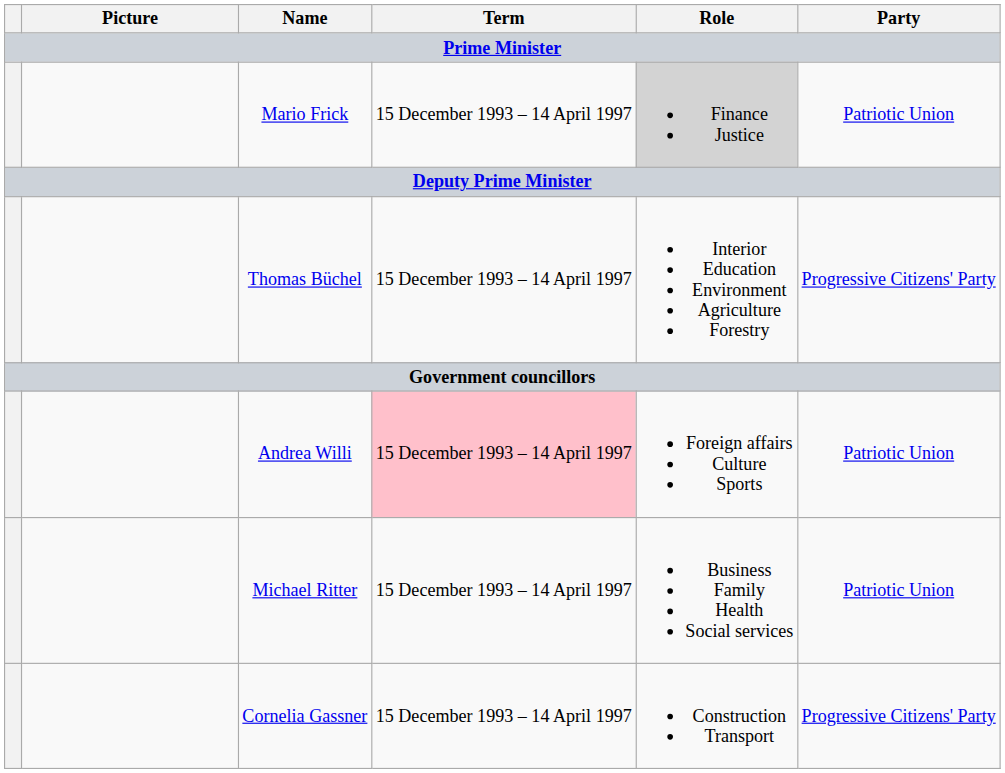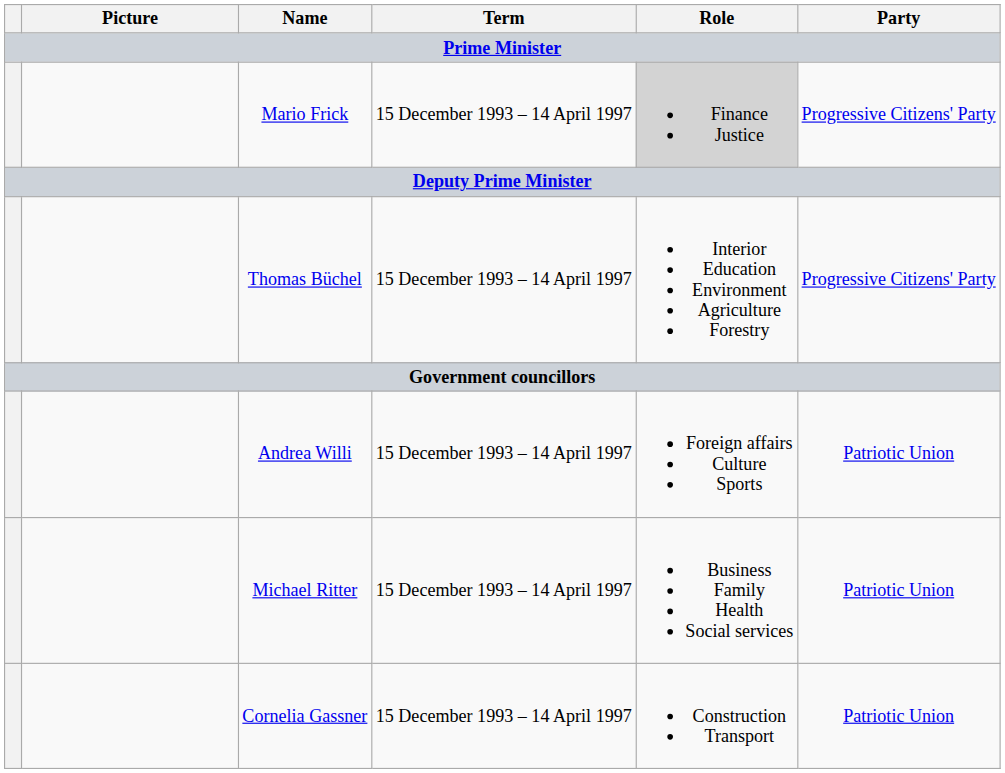 <table class="wikitable" style="text-align:center">
 <tr>
 <th style="width: 0.5em"></th>
 <th style="width: 11.5em">Picture</th>
 <th>Name</th>
 <th>Term</th>
 <th>Role</th>
 <th>Party</th>
 </tr>
 <tr>
 <th colspan="7" style="background:#CCD2D9"><a href='#'>Prime Minister</a></th>
 </tr>
 <tr>
 <th style="background:"></th>
 <td></td>
 <td><a href='#'>Mario Frick</a></td>
 <td style="text-align:left">15 December 1993 – 14 April 1997</td>
 <td style="background: lightgrey;"><br><ul><li>Finance</li><li>Justice</li></ul></td>
-<td><a href='#'>Patriotic Union</a></td>
+<td><a href='#'>Progressive Citizens' Party</a></td>
 </tr>
 <tr>
 <th colspan="7" style="background:#CCD2D9"><a href='#'>Deputy Prime Minister</a></th>
 </tr>
 <tr>
 <th style="background:"></th>
 <td></td>
 <td><a href='#'>Thomas Büchel</a></td>
 <td style="text-align:left">15 December 1993 – 14 April 1997</td>
 <td><br><ul><li>Interior</li><li>Education</li><li>Environment</li><li>Agriculture</li><li>Forestry</li></ul></td>
 <td><a href='#'>Progressive Citizens' Party</a></td>
 </tr>
 <tr>
 <th colspan="7" style="background:#CCD2D9">Government councillors</th>
 </tr>
 <tr>
 <th style="background:"></th>
 <td></td>
 <td><a href='#'>Andrea Willi</a></td>
-<td style="background: pink; text-align:left">15 December 1993 – 14 April 1997</td>
+<td style="text-align:left">15 December 1993 – 14 April 1997</td>
 <td><br><ul><li>Foreign affairs</li><li>Culture</li><li>Sports</li></ul></td>
 <td><a href='#'>Patriotic Union</a></td>
 </tr>
 <tr>
 <th style="background:"></th>
 <td></td>
 <td><a href='#'>Michael Ritter</a></td>
 <td>15 December 1993 – 14 April 1997</td>
 <td><br><ul><li>Business</li><li>Family</li><li>Health</li><li>Social services</li></ul></td>
 <td><a href='#'>Patriotic Union</a></td>
 </tr>
 <tr>
 <th style="background:"></th>
 <td></td>
 <td><a href='#'>Cornelia Gassner</a></td>
 <td>15 December 1993 – 14 April 1997</td>
 <td><br><ul><li>Construction</li><li>Transport</li></ul></td>
-<td><a href='#'>Progressive Citizens' Party</a></td>
+<td><a href='#'>Patriotic Union</a></td>
 </tr>
 </table>
